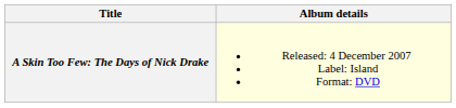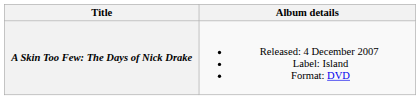 <table class="wikitable plainrowheaders" style="text-align:center">
 <tr>
 <th scope="col" style="width:18em">Title</th>
 <th scope="col" style="width:20em">Album details</th>
 </tr>
 <tr>
 <th scope="row"><em>A Skin Too Few: The Days of Nick Drake</em></th>
-<td style="background: lightyellow;"><br><ul><li>Released: 4 December 2007 </li><li>Label: Island </li><li>Format: <a href='#'>DVD</a></li></ul></td>
+<td><br><ul><li>Released: 4 December 2007 </li><li>Label: Island </li><li>Format: <a href='#'>DVD</a></li></ul></td>
 </tr>
 </table>
